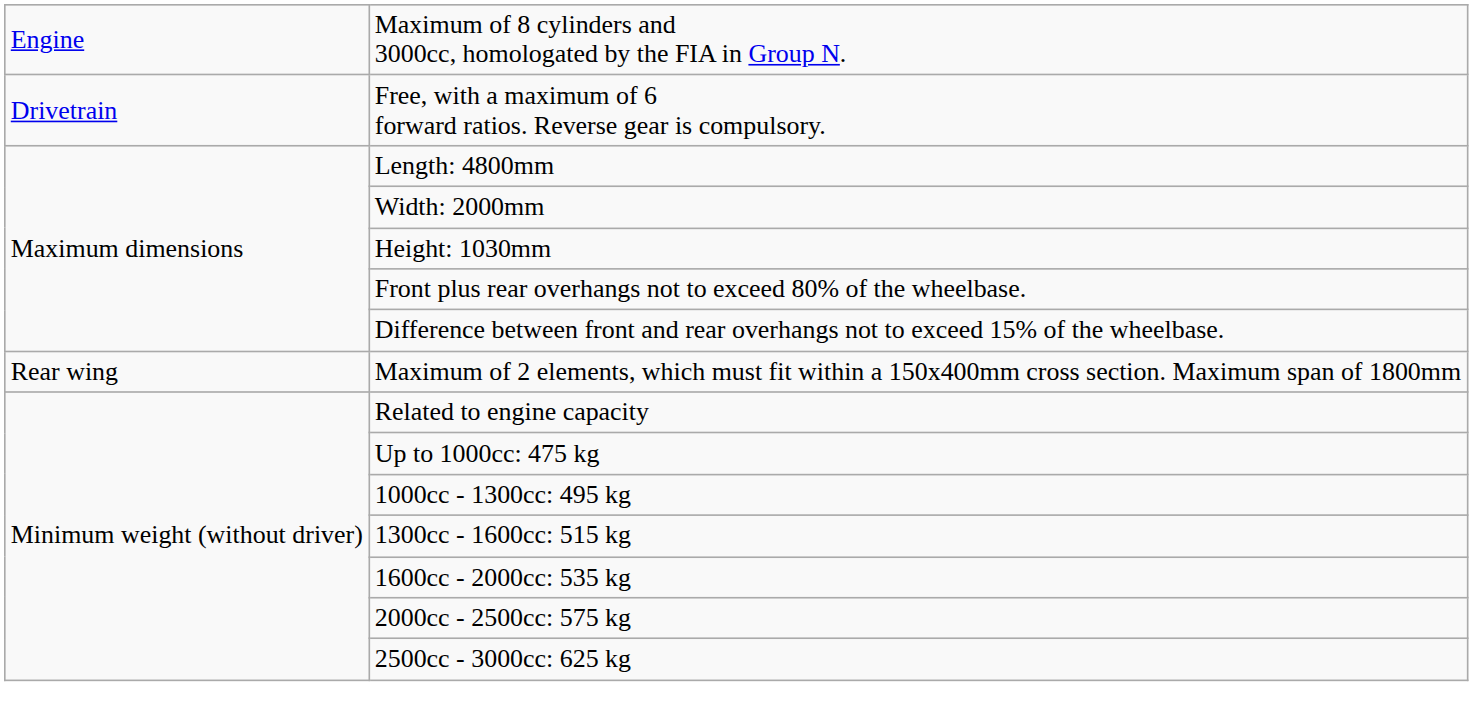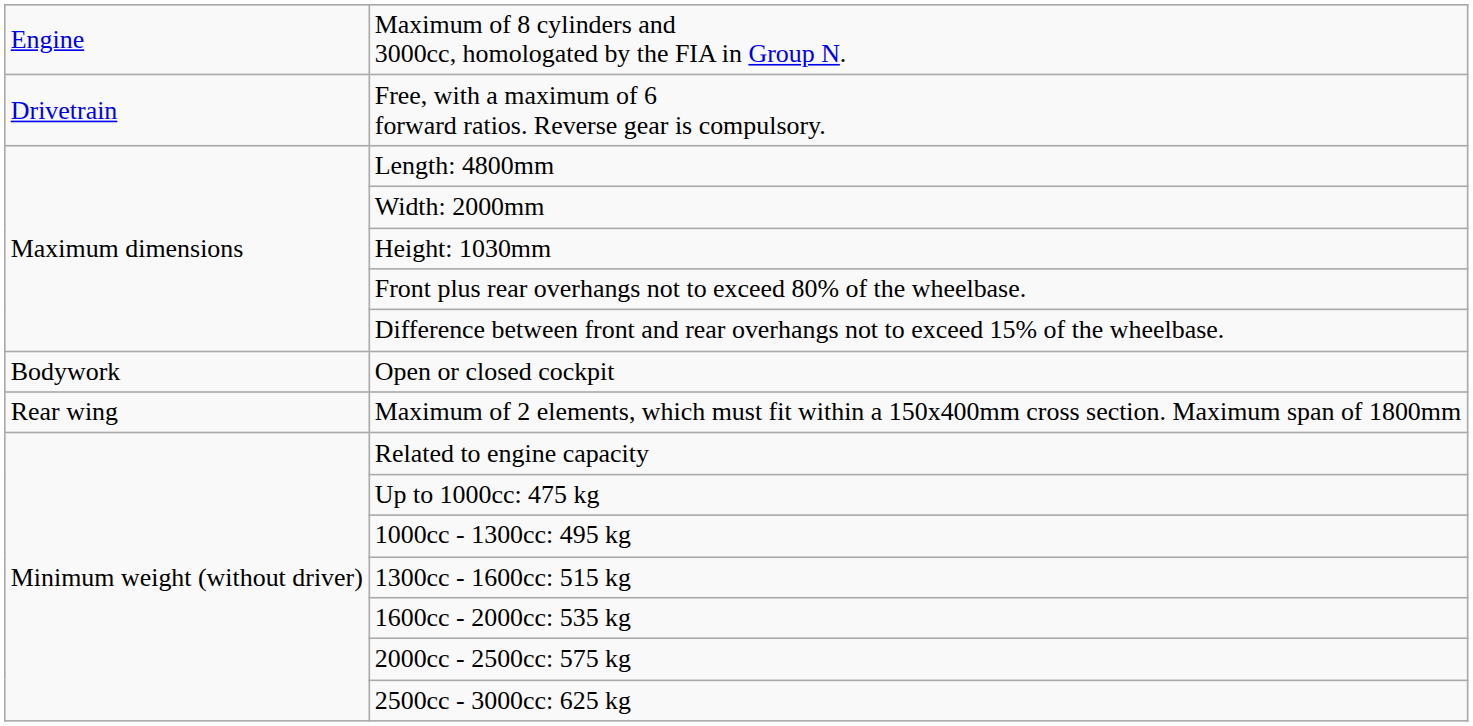 <table class="wikitable">
 <tr>
 <td><a href='#'>Engine</a></td>
 <td>Maximum of 8 cylinders and<br>3000cc, homologated by the  FIA in <a href='#'>Group N</a>.</td>
 </tr>
 <tr>
 <td><a href='#'>Drivetrain</a></td>
 <td>Free, with a maximum of 6<br>forward ratios. Reverse gear is  compulsory.</td>
 </tr>
 <tr>
 <td rowspan=5>Maximum dimensions</td>
 <td>Length: 4800mm</td>
 </tr>
 <tr>
 <td>Width: 2000mm</td>
 </tr>
 <tr>
 <td>Height: 1030mm</td>
 </tr>
 <tr>
 <td>Front plus rear overhangs not to exceed 80% of the wheelbase.</td>
 </tr>
 <tr>
 <td>Difference between front and rear overhangs not to exceed 15% of the wheelbase.</td>
+</tr>
+<tr>
+<td>Bodywork</td>
+<td>Open or closed cockpit</td>
 </tr>
 <tr>
 <td>Rear wing</td>
 <td>Maximum of 2 elements, which must fit within a 150x400mm cross section. Maximum span of 1800mm</td>
 </tr>
 <tr>
 <td rowspan=7>Minimum weight (without driver)</td>
 <td>Related to engine capacity</td>
 </tr>
 <tr>
 <td>Up to 1000cc: 475 kg</td>
 </tr>
 <tr>
 <td>1000cc - 1300cc: 495 kg</td>
 </tr>
 <tr>
 <td>1300cc - 1600cc: 515 kg</td>
 </tr>
 <tr>
 <td>1600cc - 2000cc: 535 kg</td>
 </tr>
 <tr>
 <td>2000cc - 2500cc: 575 kg</td>
 </tr>
 <tr>
 <td>2500cc - 3000cc: 625 kg</td>
 </tr>
 </table>
